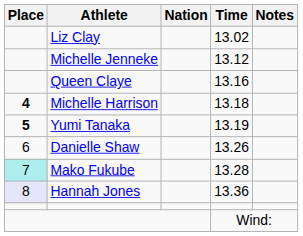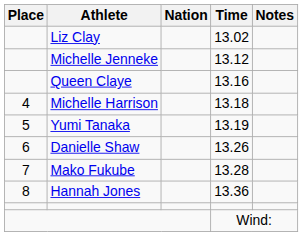 <table class="wikitable mw-datatable sortable" style="text-align:center;">
 <tr>
 <th scope="col">Place</th>
 <th scope="col">Athlete</th>
 <th scope="col">Nation</th>
 <th scope="col">Time</th>
 <th scope="col">Notes</th>
 </tr>
 <tr>
 <td></td>
 <td align="left"><a href='#'>Liz Clay</a></td>
 <td align="left"></td>
 <td>13.02</td>
 <td></td>
 </tr>
 <tr>
 <td></td>
 <td align="left"><a href='#'>Michelle Jenneke</a></td>
 <td align="left"></td>
 <td>13.12</td>
 <td></td>
 </tr>
 <tr>
 <td></td>
 <td align="left"><a href='#'>Queen Claye</a></td>
 <td align="left"></td>
 <td>13.16</td>
 <td></td>
 </tr>
 <tr>
-<td><strong>4</strong></td>
+<td>4</td>
 <td align="left"><a href='#'>Michelle Harrison</a></td>
 <td align="left"></td>
 <td>13.18</td>
 <td></td>
 </tr>
 <tr>
-<td><strong>5</strong></td>
+<td>5</td>
 <td align="left"><a href='#'>Yumi Tanaka</a></td>
 <td align="left"></td>
 <td>13.19</td>
 <td></td>
 </tr>
 <tr>
 <td>6</td>
 <td align="left"><a href='#'>Danielle Shaw</a></td>
 <td align="left"></td>
 <td>13.26</td>
 <td></td>
 </tr>
 <tr>
-<td style="background: paleturquoise;">7</td>
+<td>7</td>
 <td align="left"><a href='#'>Mako Fukube</a></td>
 <td align="left"></td>
 <td>13.28</td>
 <td></td>
 </tr>
 <tr>
-<td style="background: lavender;">8</td>
+<td>8</td>
 <td align="left"><a href='#'>Hannah Jones</a></td>
 <td align="left"></td>
 <td>13.36</td>
 <td></td>
 </tr>
 <tr>
 <td></td>
 <td align="left"></td>
 <td align="left"></td>
 <td></td>
 <td></td>
 </tr>
 <tr class="sortbottom">
 <td colspan="3"></td>
 <td colspan="2">Wind: </td>
 </tr>
 </table>
